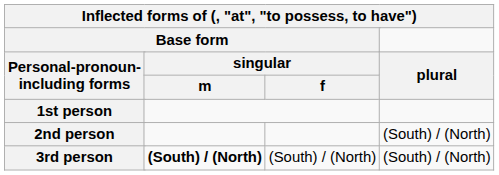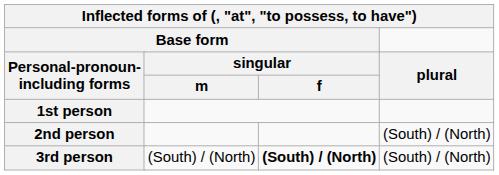 <table class="wikitable" style="text-align:center;">
 <tr>
 <th colspan="6">Inflected forms of  (, "at", "to possess, to have")</th>
 </tr>
 <tr>
 <th colspan="5">Base form</th>
 <td> </td>
 </tr>
 <tr>
 <th rowspan="2" colspan="2">Personal-pronoun-<br>including forms</th>
 <th colspan="2">singular</th>
 <th rowspan="2" colspan="2">plural</th>
 </tr>
 <tr>
 <th>m</th>
 <th>f</th>
 </tr>
 <tr>
 <th colspan="2">1st person</th>
 <td colspan="2"> </td>
 <td colspan="2"> </td>
 </tr>
 <tr>
 <th colspan="2">2nd person</th>
 <td> </td>
 <td> </td>
 <td colspan="2">  (South) /   (North)</td>
 </tr>
 <tr>
 <th colspan="2">3rd person</th>
+<td>  (South) /   (North)</td>
 <td><strong>  (South) /   (North)</strong></td>
-<td>  (South) /   (North)</td>
 <td colspan="2">  (South) /   (North)</td>
 </tr>
 </table>
